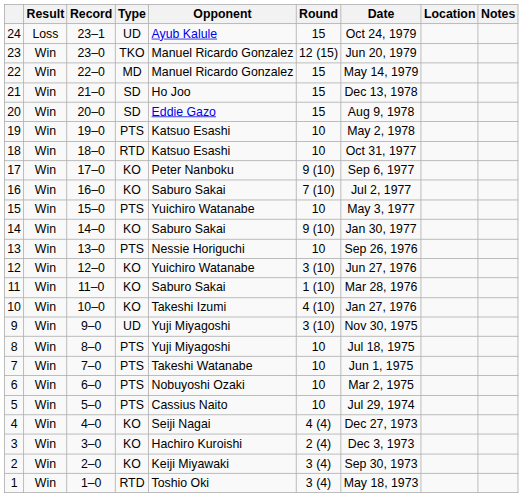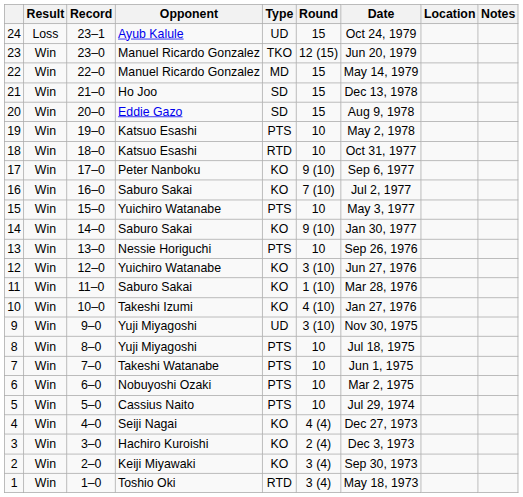 <table class="wikitable" style="text-align:center">
 <tr>
 <th></th>
 <th>Result</th>
 <th>Record</th>
+<th>Opponent</th>
 <th>Type</th>
-<th>Opponent</th>
 <th>Round</th>
 <th>Date</th>
 <th>Location</th>
 <th>Notes</th>
 </tr>
 <tr>
 <td>24</td>
 <td>Loss</td>
 <td>23–1</td>
+<td align=left><a href='#'>Ayub Kalule</a></td>
 <td>UD</td>
-<td align=left><a href='#'>Ayub Kalule</a></td>
 <td>15</td>
 <td>Oct 24, 1979</td>
 <td align=left></td>
 <td align=left></td>
 </tr>
 <tr>
 <td>23</td>
 <td>Win</td>
 <td>23–0</td>
+<td align=left>Manuel Ricardo Gonzalez</td>
 <td>TKO</td>
-<td align=left>Manuel Ricardo Gonzalez</td>
 <td>12 (15)</td>
 <td>Jun 20, 1979</td>
 <td align=left></td>
 <td align=left></td>
 </tr>
 <tr>
 <td>22</td>
 <td>Win</td>
 <td>22–0</td>
+<td align=left>Manuel Ricardo Gonzalez</td>
 <td>MD</td>
-<td align=left>Manuel Ricardo Gonzalez</td>
 <td>15</td>
 <td>May 14, 1979</td>
 <td align=left></td>
 <td align=left></td>
 </tr>
 <tr>
 <td>21</td>
 <td>Win</td>
 <td>21–0</td>
+<td align=left>Ho Joo</td>
 <td>SD</td>
-<td align=left>Ho Joo</td>
 <td>15</td>
 <td>Dec 13, 1978</td>
 <td align=left></td>
 <td align=left></td>
 </tr>
 <tr>
 <td>20</td>
 <td>Win</td>
 <td>20–0</td>
+<td align=left><a href='#'>Eddie Gazo</a></td>
 <td>SD</td>
-<td align=left><a href='#'>Eddie Gazo</a></td>
 <td>15</td>
 <td>Aug 9, 1978</td>
 <td align=left></td>
 <td align=left></td>
 </tr>
 <tr>
 <td>19</td>
 <td>Win</td>
 <td>19–0</td>
+<td align=left>Katsuo Esashi</td>
 <td>PTS</td>
-<td align=left>Katsuo Esashi</td>
 <td>10</td>
 <td>May 2, 1978</td>
 <td align=left></td>
 <td align=left></td>
 </tr>
 <tr>
 <td>18</td>
 <td>Win</td>
 <td>18–0</td>
+<td align=left>Katsuo Esashi</td>
 <td>RTD</td>
-<td align=left>Katsuo Esashi</td>
 <td>10</td>
 <td>Oct 31, 1977</td>
 <td align=left></td>
 <td align=left></td>
 </tr>
 <tr>
 <td>17</td>
 <td>Win</td>
 <td>17–0</td>
+<td align=left>Peter Nanboku</td>
 <td>KO</td>
-<td align=left>Peter Nanboku</td>
 <td>9 (10)</td>
 <td>Sep 6, 1977</td>
 <td align=left></td>
 <td align=left></td>
 </tr>
 <tr>
 <td>16</td>
 <td>Win</td>
 <td>16–0</td>
+<td align=left>Saburo Sakai</td>
 <td>KO</td>
-<td align=left>Saburo Sakai</td>
 <td>7 (10)</td>
 <td>Jul 2, 1977</td>
 <td align=left></td>
 <td align=left></td>
 </tr>
 <tr>
 <td>15</td>
 <td>Win</td>
 <td>15–0</td>
+<td align=left>Yuichiro Watanabe</td>
 <td>PTS</td>
-<td align=left>Yuichiro Watanabe</td>
 <td>10</td>
 <td>May 3, 1977</td>
 <td align=left></td>
 <td align=left></td>
 </tr>
 <tr>
 <td>14</td>
 <td>Win</td>
 <td>14–0</td>
+<td align=left>Saburo Sakai</td>
 <td>KO</td>
-<td align=left>Saburo Sakai</td>
 <td>9 (10)</td>
 <td>Jan 30, 1977</td>
 <td align=left></td>
 <td align=left></td>
 </tr>
 <tr>
 <td>13</td>
 <td>Win</td>
 <td>13–0</td>
+<td align=left>Nessie Horiguchi</td>
 <td>PTS</td>
-<td align=left>Nessie Horiguchi</td>
 <td>10</td>
 <td>Sep 26, 1976</td>
 <td align=left></td>
 <td align=left></td>
 </tr>
 <tr>
 <td>12</td>
 <td>Win</td>
 <td>12–0</td>
+<td align=left>Yuichiro Watanabe</td>
 <td>KO</td>
-<td align=left>Yuichiro Watanabe</td>
 <td>3 (10)</td>
 <td>Jun 27, 1976</td>
 <td align=left></td>
 <td align=left></td>
 </tr>
 <tr>
 <td>11</td>
 <td>Win</td>
 <td>11–0</td>
+<td align=left>Saburo Sakai</td>
 <td>KO</td>
-<td align=left>Saburo Sakai</td>
 <td>1 (10)</td>
 <td>Mar 28, 1976</td>
 <td align=left></td>
 <td align=left></td>
 </tr>
 <tr>
 <td>10</td>
 <td>Win</td>
 <td>10–0</td>
+<td align=left>Takeshi Izumi</td>
 <td>KO</td>
-<td align=left>Takeshi Izumi</td>
 <td>4 (10)</td>
 <td>Jan 27, 1976</td>
 <td align=left></td>
 <td align=left></td>
 </tr>
 <tr>
 <td>9</td>
 <td>Win</td>
 <td>9–0</td>
+<td align=left>Yuji Miyagoshi</td>
 <td>UD</td>
-<td align=left>Yuji Miyagoshi</td>
 <td>3 (10)</td>
 <td>Nov 30, 1975</td>
 <td align=left></td>
 <td align=left></td>
 </tr>
 <tr>
 <td>8</td>
 <td>Win</td>
 <td>8–0</td>
+<td align=left>Yuji Miyagoshi</td>
 <td>PTS</td>
-<td align=left>Yuji Miyagoshi</td>
 <td>10</td>
 <td>Jul 18, 1975</td>
 <td align=left></td>
 <td align=left></td>
 </tr>
 <tr>
 <td>7</td>
 <td>Win</td>
 <td>7–0</td>
+<td align=left>Takeshi Watanabe</td>
 <td>PTS</td>
-<td align=left>Takeshi Watanabe</td>
 <td>10</td>
 <td>Jun 1, 1975</td>
 <td align=left></td>
 <td align=left></td>
 </tr>
 <tr>
 <td>6</td>
 <td>Win</td>
 <td>6–0</td>
+<td align=left>Nobuyoshi Ozaki</td>
 <td>PTS</td>
-<td align=left>Nobuyoshi Ozaki</td>
 <td>10</td>
 <td>Mar 2, 1975</td>
 <td align=left></td>
 <td align=left></td>
 </tr>
 <tr>
 <td>5</td>
 <td>Win</td>
 <td>5–0</td>
+<td align=left>Cassius Naito</td>
 <td>PTS</td>
-<td align=left>Cassius Naito</td>
 <td>10</td>
 <td>Jul 29, 1974</td>
 <td align=left></td>
 <td align=left></td>
 </tr>
 <tr>
 <td>4</td>
 <td>Win</td>
 <td>4–0</td>
+<td align=left>Seiji Nagai</td>
 <td>KO</td>
-<td align=left>Seiji Nagai</td>
 <td>4 (4)</td>
 <td>Dec 27, 1973</td>
 <td align=left></td>
 <td align=left></td>
 </tr>
 <tr>
 <td>3</td>
 <td>Win</td>
 <td>3–0</td>
+<td align=left>Hachiro Kuroishi</td>
 <td>KO</td>
-<td align=left>Hachiro Kuroishi</td>
 <td>2 (4)</td>
 <td>Dec 3, 1973</td>
 <td align=left></td>
 <td align=left></td>
 </tr>
 <tr>
 <td>2</td>
 <td>Win</td>
 <td>2–0</td>
+<td align=left>Keiji Miyawaki</td>
 <td>KO</td>
-<td align=left>Keiji Miyawaki</td>
 <td>3 (4)</td>
 <td>Sep 30, 1973</td>
 <td align=left></td>
 <td align=left></td>
 </tr>
 <tr>
 <td>1</td>
 <td>Win</td>
 <td>1–0</td>
+<td align=left>Toshio Oki</td>
 <td>RTD</td>
-<td align=left>Toshio Oki</td>
 <td>3 (4)</td>
 <td>May 18, 1973</td>
 <td align=left></td>
 <td align=left></td>
 </tr>
 </table>
